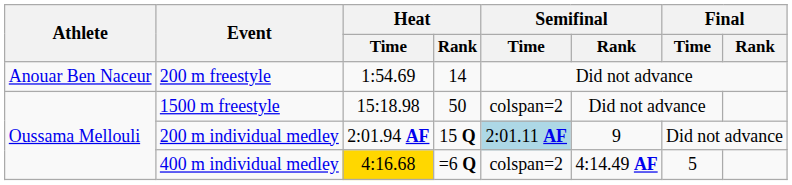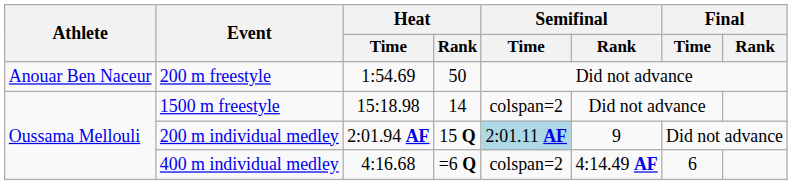 <table class=wikitable style="font-size:90%">
 <tr>
 <th rowspan="2">Athlete</th>
 <th rowspan="2">Event</th>
 <th colspan="2">Heat</th>
 <th colspan="2">Semifinal</th>
 <th colspan="2">Final</th>
 </tr>
 <tr style="font-size:95%">
 <th>Time</th>
 <th>Rank</th>
 <th>Time</th>
 <th>Rank</th>
 <th>Time</th>
 <th>Rank</th>
 </tr>
 <tr align=center>
 <td align=left><a href='#'>Anouar Ben Naceur</a></td>
 <td align=left><a href='#'>200 m freestyle</a></td>
 <td>1:54.69</td>
-<td>14</td>
+<td>50</td>
 <td colspan=4>Did not advance</td>
 </tr>
 <tr align=center>
 <td align=left rowspan=3><a href='#'>Oussama Mellouli</a></td>
 <td align=left><a href='#'>1500 m freestyle</a></td>
 <td>15:18.98</td>
-<td>50</td>
+<td>14</td>
 <td>colspan=2 </td>
 <td colspan=2>Did not advance</td>
 </tr>
 <tr align=center>
 <td align=left><a href='#'>200 m individual medley</a></td>
 <td>2:01.94 <strong><a href='#'>AF</a></strong></td>
 <td>15 <strong>Q</strong></td>
 <td style="background: lightblue;">2:01.11 <strong><a href='#'>AF</a></strong></td>
 <td>9</td>
 <td colspan=2>Did not advance</td>
 </tr>
 <tr align=center>
 <td align=left><a href='#'>400 m individual medley</a></td>
-<td style="background: gold;">4:16.68</td>
+<td>4:16.68</td>
 <td>=6 <strong>Q</strong></td>
 <td>colspan=2 </td>
 <td>4:14.49 <strong><a href='#'>AF</a></strong></td>
-<td>5</td>
+<td>6</td>
 </tr>
 </table>
